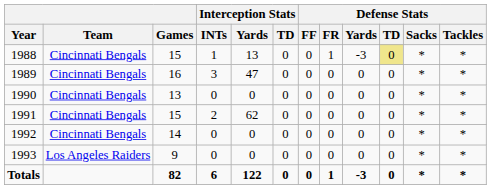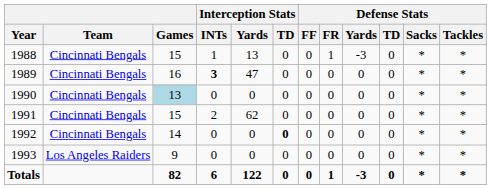 <table class="wikitable">
 <tr>
 <th colspan="3"></th>
 <th colspan="3" style="text-align:center;">Interception Stats</th>
 <th colspan="6" style="text-align:center;">Defense Stats</th>
 </tr>
 <tr>
 <th>Year</th>
 <th>Team</th>
 <th>Games</th>
 <th>INTs</th>
 <th>Yards</th>
 <th>TD</th>
 <th>FF</th>
 <th>FR</th>
 <th>Yards</th>
 <th>TD</th>
 <th>Sacks</th>
 <th>Tackles</th>
 </tr>
 <tr style="text-align:center;">
 <td>1988</td>
 <td><a href='#'>Cincinnati Bengals</a></td>
 <td>15</td>
 <td>1</td>
 <td>13</td>
 <td>0</td>
 <td>0</td>
 <td>1</td>
 <td>-3</td>
-<td style="background: khaki;">0</td>
+<td>0</td>
 <td>*</td>
 <td>*</td>
 </tr>
 <tr style="text-align:center;">
 <td>1989</td>
 <td><a href='#'>Cincinnati Bengals</a></td>
 <td>16</td>
-<td>3</td>
+<td><strong>3</strong></td>
 <td>47</td>
 <td>0</td>
 <td>0</td>
 <td>0</td>
 <td>0</td>
 <td>0</td>
 <td>*</td>
 <td>*</td>
 </tr>
 <tr style="text-align:center;">
 <td>1990</td>
 <td><a href='#'>Cincinnati Bengals</a></td>
-<td>13</td>
+<td style="background: lightblue;">13</td>
 <td>0</td>
 <td>0</td>
 <td>0</td>
 <td>0</td>
 <td>0</td>
 <td>0</td>
 <td>0</td>
 <td>*</td>
 <td>*</td>
 </tr>
 <tr style="text-align:center;">
 <td>1991</td>
 <td><a href='#'>Cincinnati Bengals</a></td>
 <td>15</td>
 <td>2</td>
 <td>62</td>
 <td>0</td>
 <td>0</td>
 <td>0</td>
 <td>0</td>
 <td>0</td>
 <td>*</td>
 <td>*</td>
 </tr>
 <tr style="text-align:center;">
 <td>1992</td>
 <td><a href='#'>Cincinnati Bengals</a></td>
 <td>14</td>
 <td>0</td>
 <td>0</td>
-<td>0</td>
+<td><strong>0</strong></td>
 <td>0</td>
 <td>0</td>
 <td>0</td>
 <td>0</td>
 <td>*</td>
 <td>*</td>
 </tr>
 <tr style="text-align:center;">
 <td>1993</td>
 <td><a href='#'>Los Angeles Raiders</a></td>
 <td>9</td>
 <td>0</td>
 <td>0</td>
 <td>0</td>
 <td>0</td>
 <td>0</td>
 <td>0</td>
 <td>0</td>
 <td>*</td>
 <td>*</td>
 </tr>
 <tr style="text-align:center;">
 <td><strong>Totals</strong></td>
 <td></td>
 <td><strong>82</strong></td>
 <td><strong>6</strong></td>
 <td><strong>122</strong></td>
 <td><strong>0</strong></td>
 <td><strong>0</strong></td>
 <td><strong>1</strong></td>
 <td><strong>-3</strong></td>
 <td><strong>0</strong></td>
 <td><strong>*</strong></td>
 <td><strong>*</strong></td>
 </tr>
 </table>
